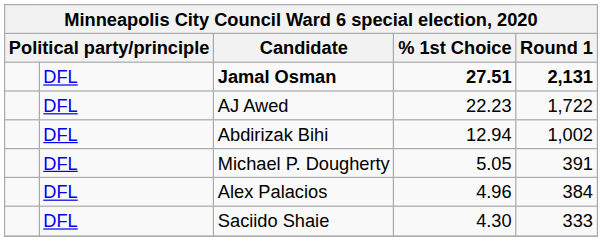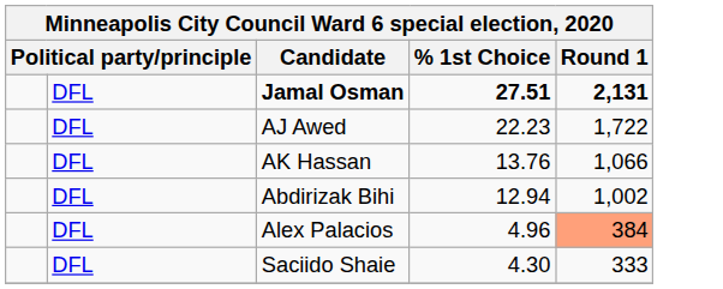 <table class="wikitable" style="font-size:95%">
 <tr>
 <th colspan="5">Minneapolis City Council Ward 6 special election, 2020</th>
 </tr>
 <tr>
 <th colspan="2">Political party/principle</th>
 <th>Candidate</th>
 <th>% 1st Choice</th>
 <th>Round 1</th>
 </tr>
 <tr>
 <td style="background-color:"></td>
 <td><a href='#'>DFL</a></td>
 <td><strong>Jamal Osman</strong></td>
 <td align="right"><strong>27.51</strong></td>
 <td align="right"><strong>2,131</strong></td>
 </tr>
 <tr>
 <td style="background-color:"></td>
 <td><a href='#'>DFL</a></td>
 <td>AJ Awed</td>
 <td align="right">22.23</td>
 <td align="right">1,722</td>
 </tr>
 <tr>
 <td style="background-color:"></td>
 <td><a href='#'>DFL</a></td>
+<td>AK Hassan</td>
+<td align="right">13.76</td>
+<td align="right">1,066</td>
+</tr>
+<tr>
+<td style="background-color:"></td>
+<td><a href='#'>DFL</a></td>
 <td>Abdirizak Bihi</td>
 <td align="right">12.94</td>
 <td align="right">1,002</td>
 </tr>
 <tr>
 <td style="background-color:"></td>
 <td><a href='#'>DFL</a></td>
-<td>Michael P. Dougherty</td>
-<td align="right">5.05</td>
-<td align="right">391</td>
-</tr>
-<tr>
-<td style="background-color:"></td>
-<td><a href='#'>DFL</a></td>
 <td>Alex Palacios</td>
 <td align="right">4.96</td>
-<td align="right">384</td>
+<td align="right" style="background: lightsalmon;">384</td>
 </tr>
 <tr>
 <td style="background-color:"></td>
 <td><a href='#'>DFL</a></td>
 <td>Saciido Shaie</td>
 <td align="right">4.30</td>
 <td align="right">333</td>
 </tr>
 <tr>
 </tr>
 </table>
